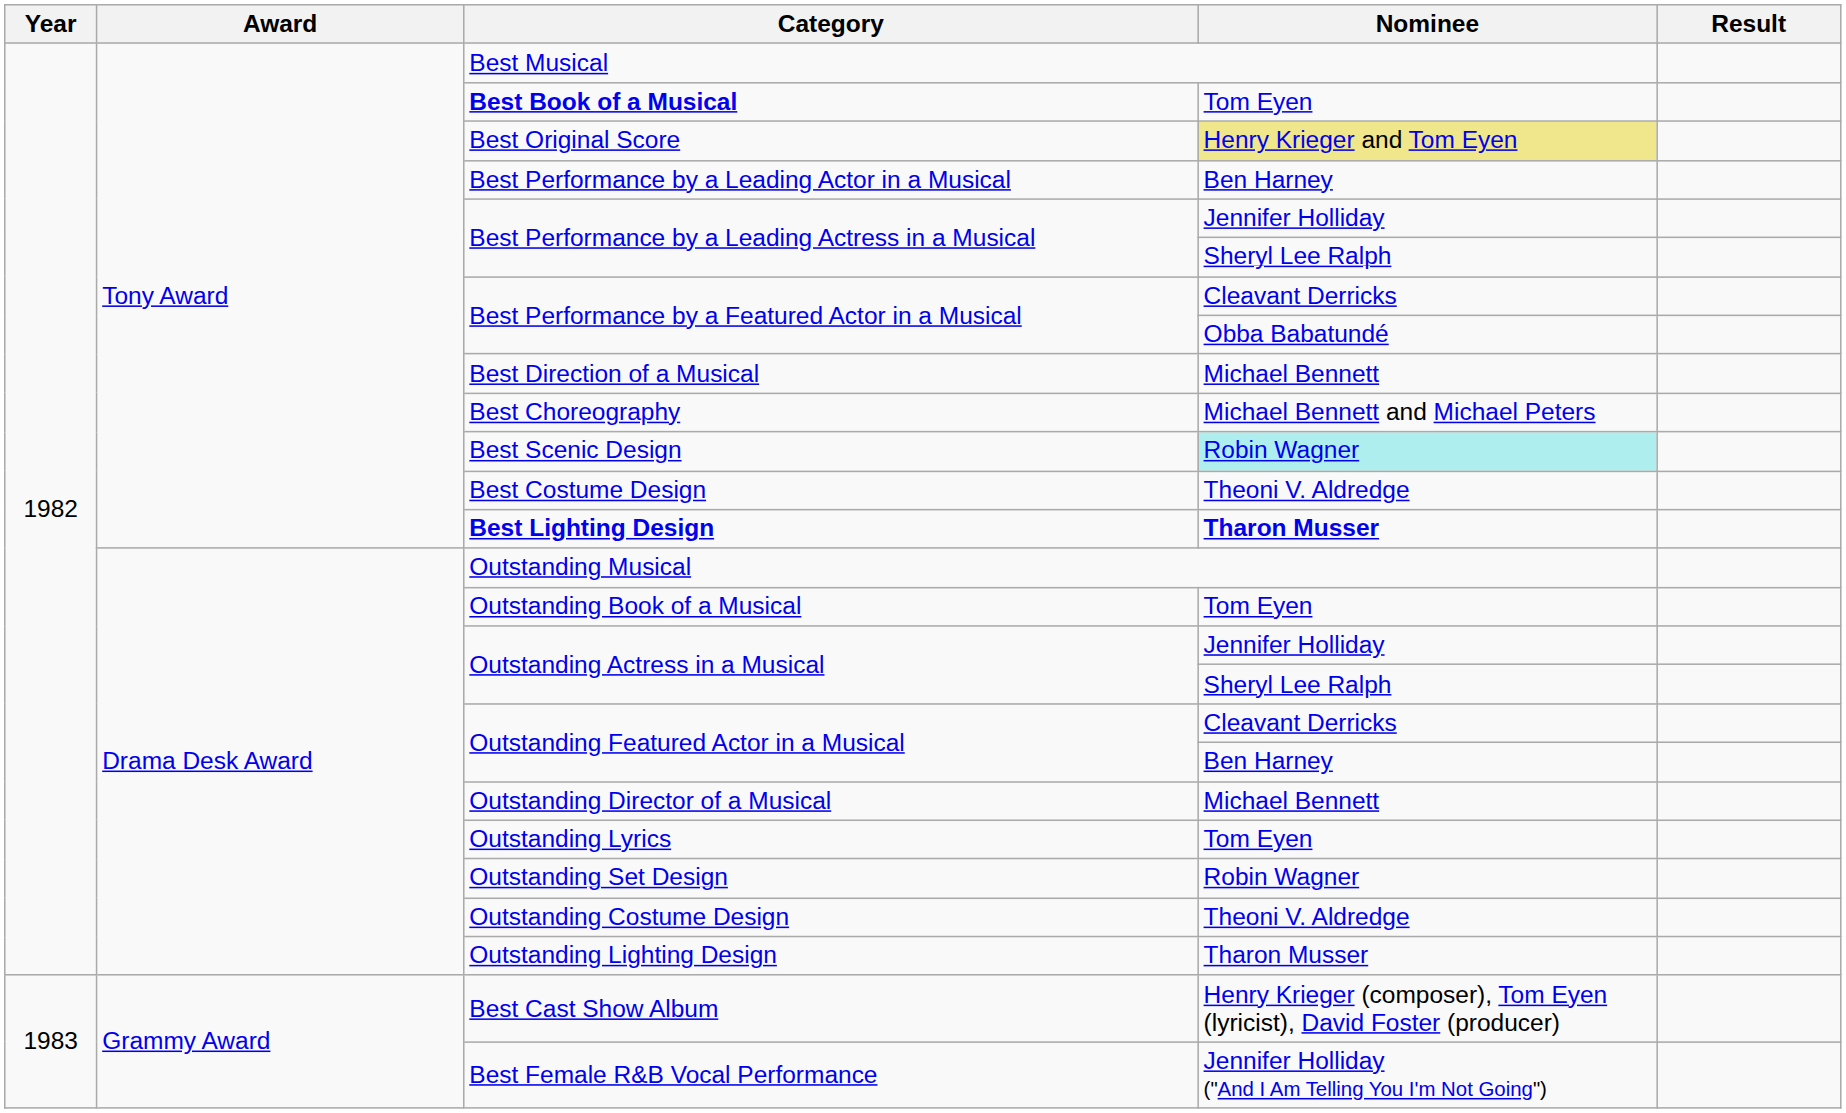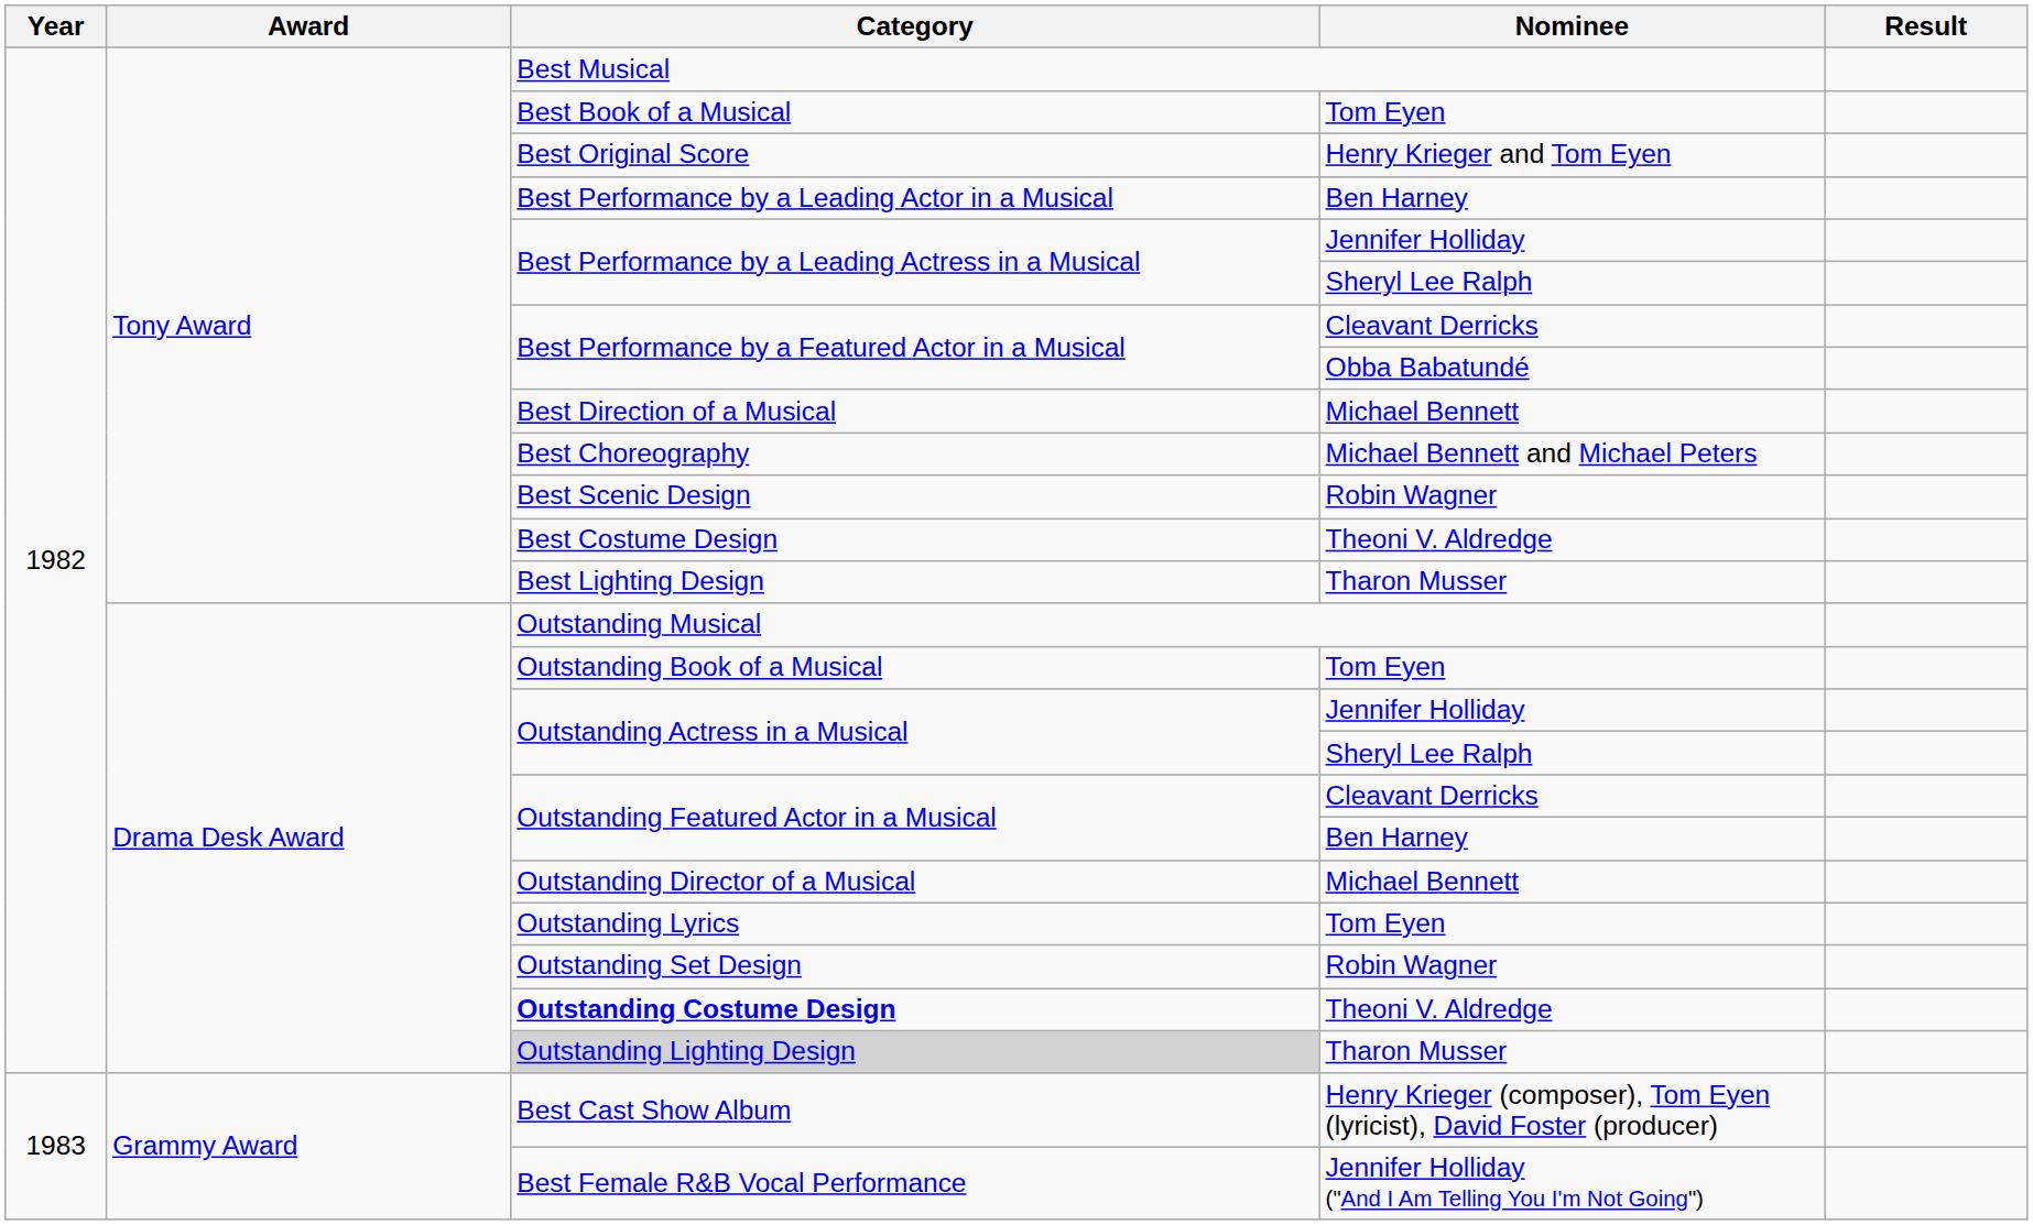 <table class="wikitable" width="95%">
 <tr>
 <th width="5%">Year</th>
 <th width="20%">Award</th>
 <th width="40%">Category</th>
 <th width="25%">Nominee</th>
 <th width="10%">Result</th>
 </tr>
 <tr>
 <td rowspan="24" align="center">1982</td>
 <td rowspan="13"><a href='#'>Tony Award</a></td>
 <td colspan="2"><a href='#'>Best Musical</a></td>
 <td></td>
 </tr>
 <tr>
-<td><strong><a href='#'>Best Book of a Musical</a></strong></td>
+<td><a href='#'>Best Book of a Musical</a></td>
 <td><a href='#'>Tom Eyen</a></td>
 <td></td>
 </tr>
 <tr>
 <td><a href='#'>Best Original Score</a></td>
-<td style="background: khaki;"><a href='#'>Henry Krieger</a> and <a href='#'>Tom Eyen</a></td>
+<td><a href='#'>Henry Krieger</a> and <a href='#'>Tom Eyen</a></td>
 <td></td>
 </tr>
 <tr>
 <td><a href='#'>Best Performance by a Leading Actor in a Musical</a></td>
 <td><a href='#'>Ben Harney</a></td>
 <td></td>
 </tr>
 <tr>
 <td rowspan="2"><a href='#'>Best Performance by a Leading Actress in a Musical</a></td>
 <td><a href='#'>Jennifer Holliday</a></td>
 <td></td>
 </tr>
 <tr>
 <td><a href='#'>Sheryl Lee Ralph</a></td>
 <td></td>
 </tr>
 <tr>
 <td rowspan="2"><a href='#'>Best Performance by a Featured Actor in a Musical</a></td>
 <td><a href='#'>Cleavant Derricks</a></td>
 <td></td>
 </tr>
 <tr>
 <td><a href='#'>Obba Babatundé</a></td>
 <td></td>
 </tr>
 <tr>
 <td><a href='#'>Best Direction of a Musical</a></td>
 <td><a href='#'>Michael Bennett</a></td>
 <td></td>
 </tr>
 <tr>
 <td><a href='#'>Best Choreography</a></td>
 <td><a href='#'>Michael Bennett</a> and <a href='#'>Michael Peters</a></td>
 <td></td>
 </tr>
 <tr>
 <td><a href='#'>Best Scenic Design</a></td>
-<td style="background: paleturquoise;"><a href='#'>Robin Wagner</a></td>
+<td><a href='#'>Robin Wagner</a></td>
 <td></td>
 </tr>
 <tr>
 <td><a href='#'>Best Costume Design</a></td>
 <td><a href='#'>Theoni V. Aldredge</a></td>
 <td></td>
 </tr>
 <tr>
-<td><strong><a href='#'>Best Lighting Design</a></strong></td>
-<td><strong><a href='#'>Tharon Musser</a></strong></td>
+<td><a href='#'>Best Lighting Design</a></td>
+<td><a href='#'>Tharon Musser</a></td>
 <td></td>
 </tr>
 <tr>
 <td rowspan="11"><a href='#'>Drama Desk Award</a></td>
 <td colspan="2"><a href='#'>Outstanding Musical</a></td>
 <td></td>
 </tr>
 <tr>
 <td><a href='#'>Outstanding Book of a Musical</a></td>
 <td><a href='#'>Tom Eyen</a></td>
 <td></td>
 </tr>
 <tr>
 <td rowspan="2"><a href='#'>Outstanding Actress in a Musical</a></td>
 <td><a href='#'>Jennifer Holliday</a></td>
 <td></td>
 </tr>
 <tr>
 <td><a href='#'>Sheryl Lee Ralph</a></td>
 <td></td>
 </tr>
 <tr>
 <td rowspan="2"><a href='#'>Outstanding Featured Actor in a Musical</a></td>
 <td><a href='#'>Cleavant Derricks</a></td>
 <td></td>
 </tr>
 <tr>
 <td><a href='#'>Ben Harney</a></td>
 <td></td>
 </tr>
 <tr>
 <td><a href='#'>Outstanding Director of a Musical</a></td>
 <td><a href='#'>Michael Bennett</a></td>
 <td></td>
 </tr>
 <tr>
 <td><a href='#'>Outstanding Lyrics</a></td>
 <td><a href='#'>Tom Eyen</a></td>
 <td></td>
 </tr>
 <tr>
 <td><a href='#'>Outstanding Set Design</a></td>
 <td><a href='#'>Robin Wagner</a></td>
 <td></td>
 </tr>
 <tr>
-<td><a href='#'>Outstanding Costume Design</a></td>
+<td><strong><a href='#'>Outstanding Costume Design</a></strong></td>
 <td><a href='#'>Theoni V. Aldredge</a></td>
 <td></td>
 </tr>
 <tr>
-<td><a href='#'>Outstanding Lighting Design</a></td>
+<td style="background: lightgrey;"><a href='#'>Outstanding Lighting Design</a></td>
 <td><a href='#'>Tharon Musser</a></td>
 <td></td>
 </tr>
 <tr>
 <td rowspan="2" align="center">1983</td>
 <td rowspan="2"><a href='#'>Grammy Award</a></td>
 <td><a href='#'>Best Cast Show Album</a></td>
 <td><a href='#'>Henry Krieger</a> (composer), <a href='#'>Tom Eyen</a> (lyricist), <a href='#'>David Foster</a> (producer)</td>
 <td></td>
 </tr>
 <tr>
 <td><a href='#'>Best Female R&B Vocal Performance</a></td>
 <td><a href='#'>Jennifer Holliday</a> <br> <small>("<a href='#'>And I Am Telling You I'm Not Going</a>")</small></td>
 <td></td>
 </tr>
 </table>
